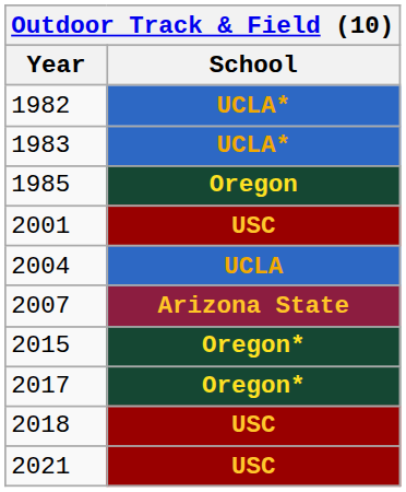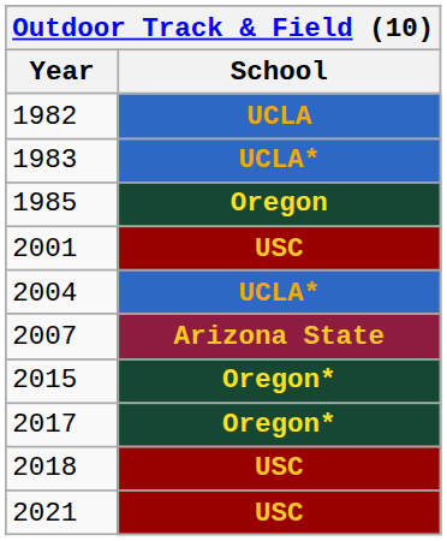 <table class="wikitable">
 <tr>
 <th colspan=2><a href='#'>Outdoor Track & Field</a> (10)</th>
 </tr>
 <tr>
 <th>Year</th>
 <th>School</th>
 </tr>
 <tr>
 <td>1982</td>
-<th style="background:#2D68C4; color:#F2A900;">UCLA*</th>
+<th style="background:#2D68C4; color:#F2A900;">UCLA</th>
 </tr>
 <tr>
 <td>1983</td>
 <th style="background:#2D68C4; color:#F2A900;">UCLA*</th>
 </tr>
 <tr>
 <td>1985</td>
 <th style="background:#154733; color:#FEE123;">Oregon</th>
 </tr>
 <tr>
 <td>2001</td>
 <th style="background:#990000; color:#FFC72C;">USC</th>
 </tr>
 <tr>
 <td>2004</td>
-<th style="background:#2D68C4; color:#F2A900;">UCLA</th>
+<th style="background:#2D68C4; color:#F2A900;">UCLA*</th>
 </tr>
 <tr>
 <td>2007</td>
 <th style="background:#8C1D40; color:#FFC627;">Arizona State</th>
 </tr>
 <tr>
 <td>2015</td>
 <th style="background:#154733; color:#FEE123;">Oregon*</th>
 </tr>
 <tr>
 <td>2017</td>
 <th style="background:#154733; color:#FEE123;">Oregon*</th>
 </tr>
 <tr>
 <td>2018</td>
 <th style="background:#990000; color:#FFC72C;">USC</th>
 </tr>
 <tr>
 <td>2021</td>
 <th style="background:#990000; color:#FFC72C;">USC</th>
 </tr>
 </table>
